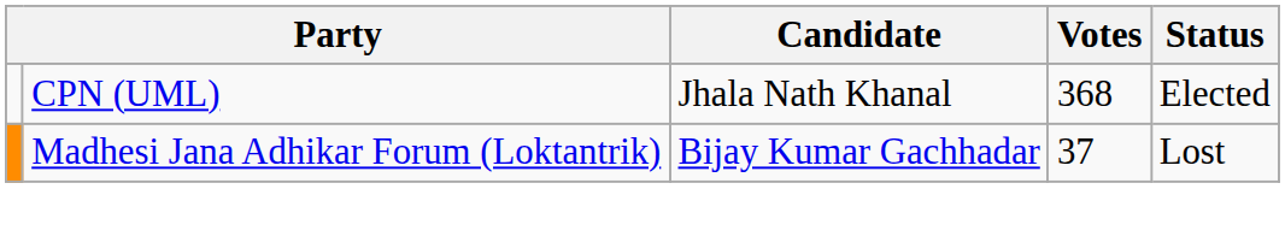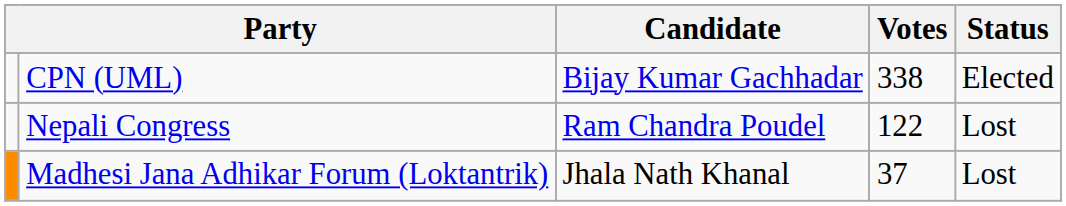 <table class="wikitable">
 <tr>
 <th colspan="2">Party</th>
 <th>Candidate</th>
 <th>Votes</th>
 <th>Status</th>
 </tr>
 <tr>
 <td style="background-color:"></td>
 <td><a href='#'>CPN (UML)</a></td>
-<td>Jhala Nath Khanal</td>
-<td>368</td>
+<td><a href='#'>Bijay Kumar Gachhadar</a></td>
+<td>338</td>
 <td>Elected</td>
+</tr>
+<tr>
+<td style="background-color:"></td>
+<td><a href='#'>Nepali Congress</a></td>
+<td><a href='#'>Ram Chandra Poudel</a></td>
+<td>122</td>
+<td>Lost</td>
 </tr>
 <tr>
 <td style="background-color:darkorange"></td>
 <td><a href='#'>Madhesi Jana Adhikar Forum (Loktantrik)</a></td>
-<td><a href='#'>Bijay Kumar Gachhadar</a></td>
+<td>Jhala Nath Khanal</td>
 <td>37</td>
 <td>Lost</td>
 </tr>
 </table>
